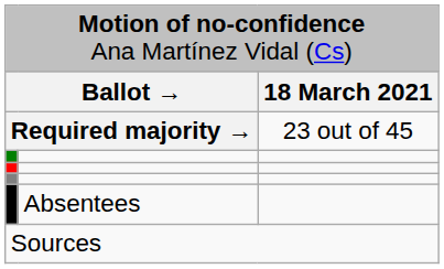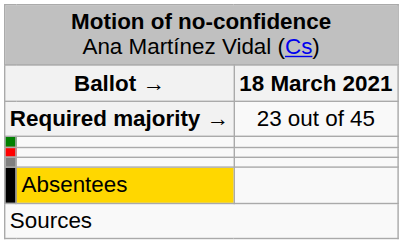 <table class="wikitable" style="text-align:center;">
 <tr>
 <td colspan="3" align="center" bgcolor="#C0C0C0"><strong>Motion of no-confidence</strong><br>Ana Martínez Vidal (<a href='#'>Cs</a>)</td>
 </tr>
 <tr>
 <th colspan="2" width="150px">Ballot →</th>
 <th>18 March 2021</th>
 </tr>
 <tr>
 <th colspan="2">Required majority →</th>
 <td>23 out of 45 </td>
 </tr>
 <tr>
 <th width="1px" style="background:green;"></th>
 <td align="left"></td>
 <td></td>
 </tr>
 <tr>
 <th style="color:inherit;background:red;"></th>
 <td align="left"></td>
 <td></td>
 </tr>
 <tr>
 <th style="color:inherit;background:gray;"></th>
 <td align="left"></td>
 <td></td>
 </tr>
 <tr>
 <th style="color:inherit;background:black;"></th>
-<td align="left"><span>Absentees</span></td>
+<td align="left" style="background: gold;"><span>Absentees</span></td>
 <td></td>
 </tr>
 <tr>
 <td align="left" colspan="6">Sources</td>
 </tr>
 </table>
